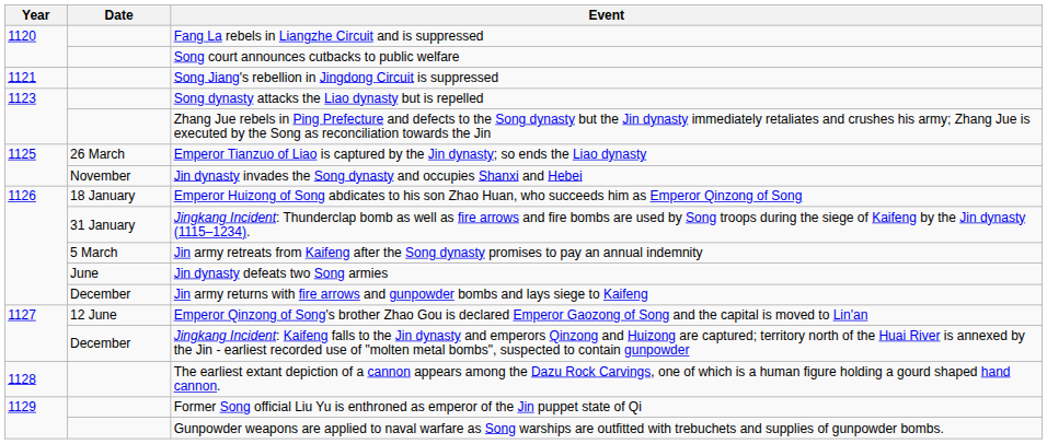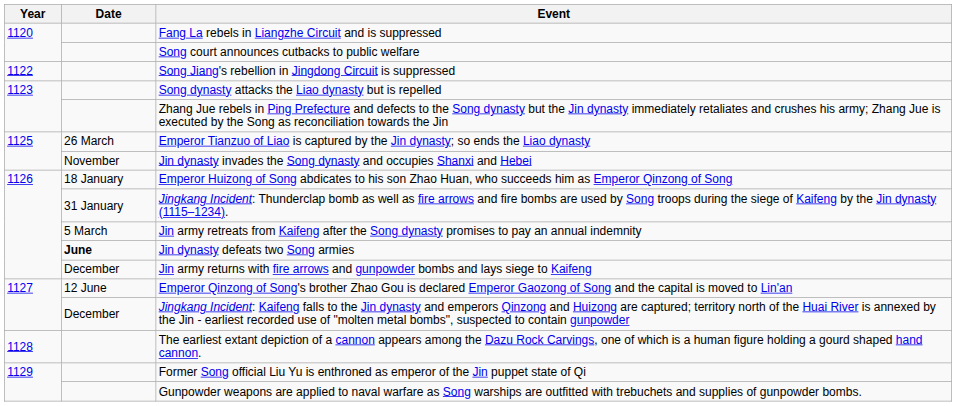 <table class="wikitable" width="100%">
 <tr>
 <th style="width:6%">Year</th>
 <th style="width:10%">Date</th>
 <th>Event</th>
 </tr>
 <tr>
 <td rowspan="2" valign="top"><a href='#'>1120</a></td>
 <td></td>
 <td><a href='#'>Fang La</a> rebels in <a href='#'>Liangzhe Circuit</a> and is suppressed</td>
 </tr>
 <tr>
 <td></td>
 <td><a href='#'>Song</a> court announces cutbacks to public welfare</td>
 </tr>
 <tr>
-<td><a href='#'>1121</a></td>
+<td><a href='#'>1122</a></td>
 <td></td>
 <td><a href='#'>Song Jiang</a>'s rebellion in <a href='#'>Jingdong Circuit</a> is suppressed</td>
 </tr>
 <tr>
 <td rowspan="2" valign="top"><a href='#'>1123</a></td>
 <td></td>
 <td><a href='#'>Song dynasty</a> attacks the <a href='#'>Liao dynasty</a> but is repelled</td>
 </tr>
 <tr>
 <td></td>
 <td>Zhang Jue rebels in <a href='#'>Ping Prefecture</a> and defects to the <a href='#'>Song dynasty</a> but the <a href='#'>Jin dynasty</a> immediately retaliates and crushes his army; Zhang Jue is executed by the Song as reconciliation towards the Jin</td>
 </tr>
 <tr>
 <td rowspan="2" valign="top"><a href='#'>1125</a></td>
 <td>26 March</td>
 <td><a href='#'>Emperor Tianzuo of Liao</a> is captured by the <a href='#'>Jin dynasty</a>; so ends the <a href='#'>Liao dynasty</a></td>
 </tr>
 <tr>
 <td>November</td>
 <td><a href='#'>Jin dynasty</a> invades the <a href='#'>Song dynasty</a> and occupies <a href='#'>Shanxi</a> and <a href='#'>Hebei</a></td>
 </tr>
 <tr>
 <td rowspan="5" valign="top"><a href='#'>1126</a></td>
 <td>18 January</td>
 <td><a href='#'>Emperor Huizong of Song</a> abdicates to his son Zhao Huan, who succeeds him as <a href='#'>Emperor Qinzong of Song</a></td>
 </tr>
 <tr>
 <td>31 January</td>
 <td><em><a href='#'>Jingkang Incident</a></em>: Thunderclap bomb as well as <a href='#'>fire arrows</a> and fire bombs are used by <a href='#'>Song</a> troops during the siege of <a href='#'>Kaifeng</a> by the <a href='#'>Jin dynasty (1115–1234)</a>.</td>
 </tr>
 <tr>
 <td>5 March</td>
 <td><a href='#'>Jin</a> army retreats from <a href='#'>Kaifeng</a> after the <a href='#'>Song dynasty</a> promises to pay an annual indemnity</td>
 </tr>
 <tr>
-<td>June</td>
+<td><strong>June</strong></td>
 <td><a href='#'>Jin dynasty</a> defeats two <a href='#'>Song</a> armies</td>
 </tr>
 <tr>
 <td>December</td>
 <td><a href='#'>Jin</a> army returns with <a href='#'>fire arrows</a> and <a href='#'>gunpowder</a> bombs and lays siege to <a href='#'>Kaifeng</a></td>
 </tr>
 <tr>
 <td rowspan="2" valign="top"><a href='#'>1127</a></td>
 <td>12 June</td>
 <td><a href='#'>Emperor Qinzong of Song</a>'s brother Zhao Gou is declared <a href='#'>Emperor Gaozong of Song</a> and the capital is moved to <a href='#'>Lin'an</a></td>
 </tr>
 <tr>
 <td>December</td>
 <td><em><a href='#'>Jingkang Incident</a></em>: <a href='#'>Kaifeng</a> falls to the <a href='#'>Jin dynasty</a> and emperors <a href='#'>Qinzong</a> and <a href='#'>Huizong</a> are captured; territory north of the <a href='#'>Huai River</a> is annexed by the Jin - earliest recorded use of "molten metal bombs", suspected to contain <a href='#'>gunpowder</a></td>
 </tr>
 <tr>
 <td><a href='#'>1128</a></td>
 <td></td>
 <td>The earliest extant depiction of a <a href='#'>cannon</a> appears among the <a href='#'>Dazu Rock Carvings</a>, one of which is a human figure holding a gourd shaped <a href='#'>hand cannon</a>.</td>
 </tr>
 <tr>
 <td rowspan="2" valign="top"><a href='#'>1129</a></td>
 <td></td>
 <td>Former <a href='#'>Song</a> official Liu Yu is enthroned as emperor of the <a href='#'>Jin</a> puppet state of Qi</td>
 </tr>
 <tr>
 <td></td>
 <td>Gunpowder weapons are applied to naval warfare as <a href='#'>Song</a> warships are outfitted with trebuchets and supplies of gunpowder bombs.</td>
 </tr>
 </table>
